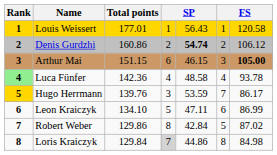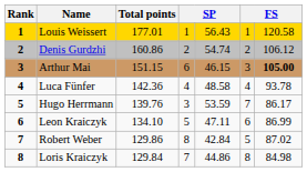 <table class="wikitable sortable">
 <tr>
 <th>Rank</th>
 <th>Name</th>
 <th>Total points</th>
 <th colspan="2" width="80px"><a href='#'>SP</a></th>
 <th colspan="2" width="80px"><a href='#'>FS</a></th>
 </tr>
 <tr bgcolor="gold">
 <td align="center"><strong>1</strong></td>
 <td>Louis Weissert</td>
 <td align="center">177.01</td>
 <td align="center">1</td>
 <td align="center">56.43</td>
 <td align="center">1</td>
 <td align="center">120.58</td>
 </tr>
 <tr bgcolor="silver">
 <td align="center"><strong>2</strong></td>
 <td><a href='#'>Denis Gurdzhi</a></td>
 <td align="center">160.86</td>
 <td align="center">2</td>
-<td align="center"><strong>54.74</strong></td>
+<td align="center">54.74</td>
 <td align="center">2</td>
 <td align="center">106.12</td>
 </tr>
 <tr bgcolor="cc9966">
 <td align="center"><strong>3</strong></td>
 <td>Arthur Mai</td>
 <td align="center">151.15</td>
 <td align="center">6</td>
 <td align="center">46.15</td>
 <td align="center">3</td>
 <td align="center"><strong>105.00</strong></td>
 </tr>
 <tr>
-<td align="center" style="background: lightgreen;"><strong>4</strong></td>
+<td align="center"><strong>4</strong></td>
 <td>Luca Fünfer</td>
 <td align="center">142.36</td>
 <td align="center">4</td>
 <td align="center">48.58</td>
 <td align="center">4</td>
 <td align="center">93.78</td>
 </tr>
 <tr>
-<td align="center" style="background: gold;"><strong>5</strong></td>
+<td align="center"><strong>5</strong></td>
 <td>Hugo Herrmann</td>
 <td align="center">139.76</td>
 <td align="center">3</td>
 <td align="center">53.59</td>
 <td align="center">7</td>
 <td align="center">86.17</td>
 </tr>
 <tr>
 <td align="center"><strong>6</strong></td>
 <td>Leon Kraiczyk</td>
 <td align="center">134.10</td>
 <td align="center">5</td>
 <td align="center">47.11</td>
 <td align="center">6</td>
 <td align="center">86.99</td>
 </tr>
 <tr>
 <td align="center"><strong>7</strong></td>
 <td>Robert Weber</td>
 <td align="center">129.86</td>
 <td align="center">8</td>
 <td align="center">42.84</td>
 <td align="center">5</td>
 <td align="center">87.02</td>
 </tr>
 <tr>
 <td align="center"><strong>8</strong></td>
 <td>Loris Kraiczyk</td>
 <td align="center">129.84</td>
-<td align="center" style="background: lightgrey;">7</td>
+<td align="center">7</td>
 <td align="center">44.86</td>
 <td align="center">8</td>
 <td align="center">84.98</td>
 </tr>
 </table>
